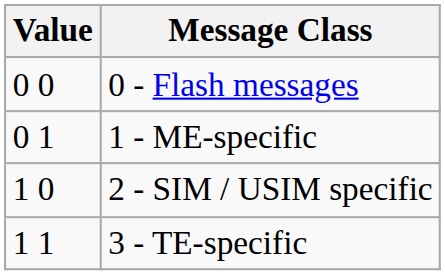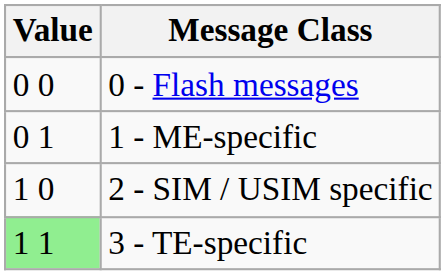 <table class="wikitable" style="text-align:left">
 <tr>
 <th>Value</th>
 <th>Message Class</th>
 </tr>
 <tr>
 <td>0 0</td>
 <td>0 - <a href='#'>Flash messages</a></td>
 </tr>
 <tr>
 <td>0 1</td>
 <td>1 - ME-specific</td>
 </tr>
 <tr>
 <td>1 0</td>
 <td>2 - SIM / USIM specific</td>
 </tr>
 <tr>
-<td>1 1</td>
+<td style="background: lightgreen;">1 1</td>
 <td>3 - TE-specific</td>
 </tr>
 </table>
